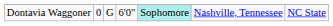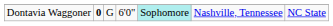 <table class="wikitable sortable" border="1" style="text-align: center;">
 <tr align=center>
 </tr>
 <tr>
 <td>Dontavia Waggoner</td>
-<td>0</td>
+<td><strong>0</strong></td>
 <td>G</td>
 <td>6'0"</td>
 <td style="background: paleturquoise;">Sophomore</td>
 <td><a href='#'>Nashville, Tennessee</a></td>
 <td><a href='#'>NC State</a></td>
 </tr>
 </table>
